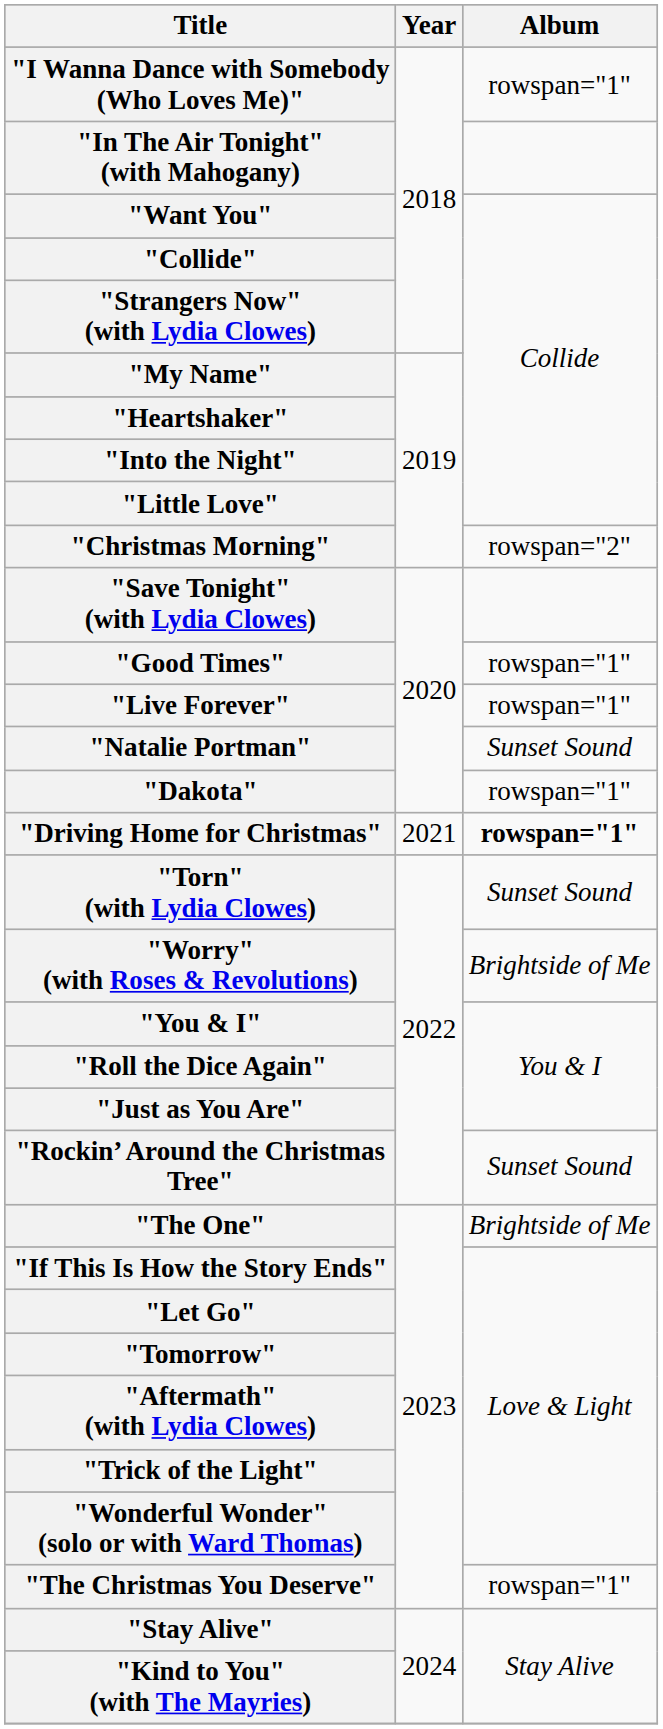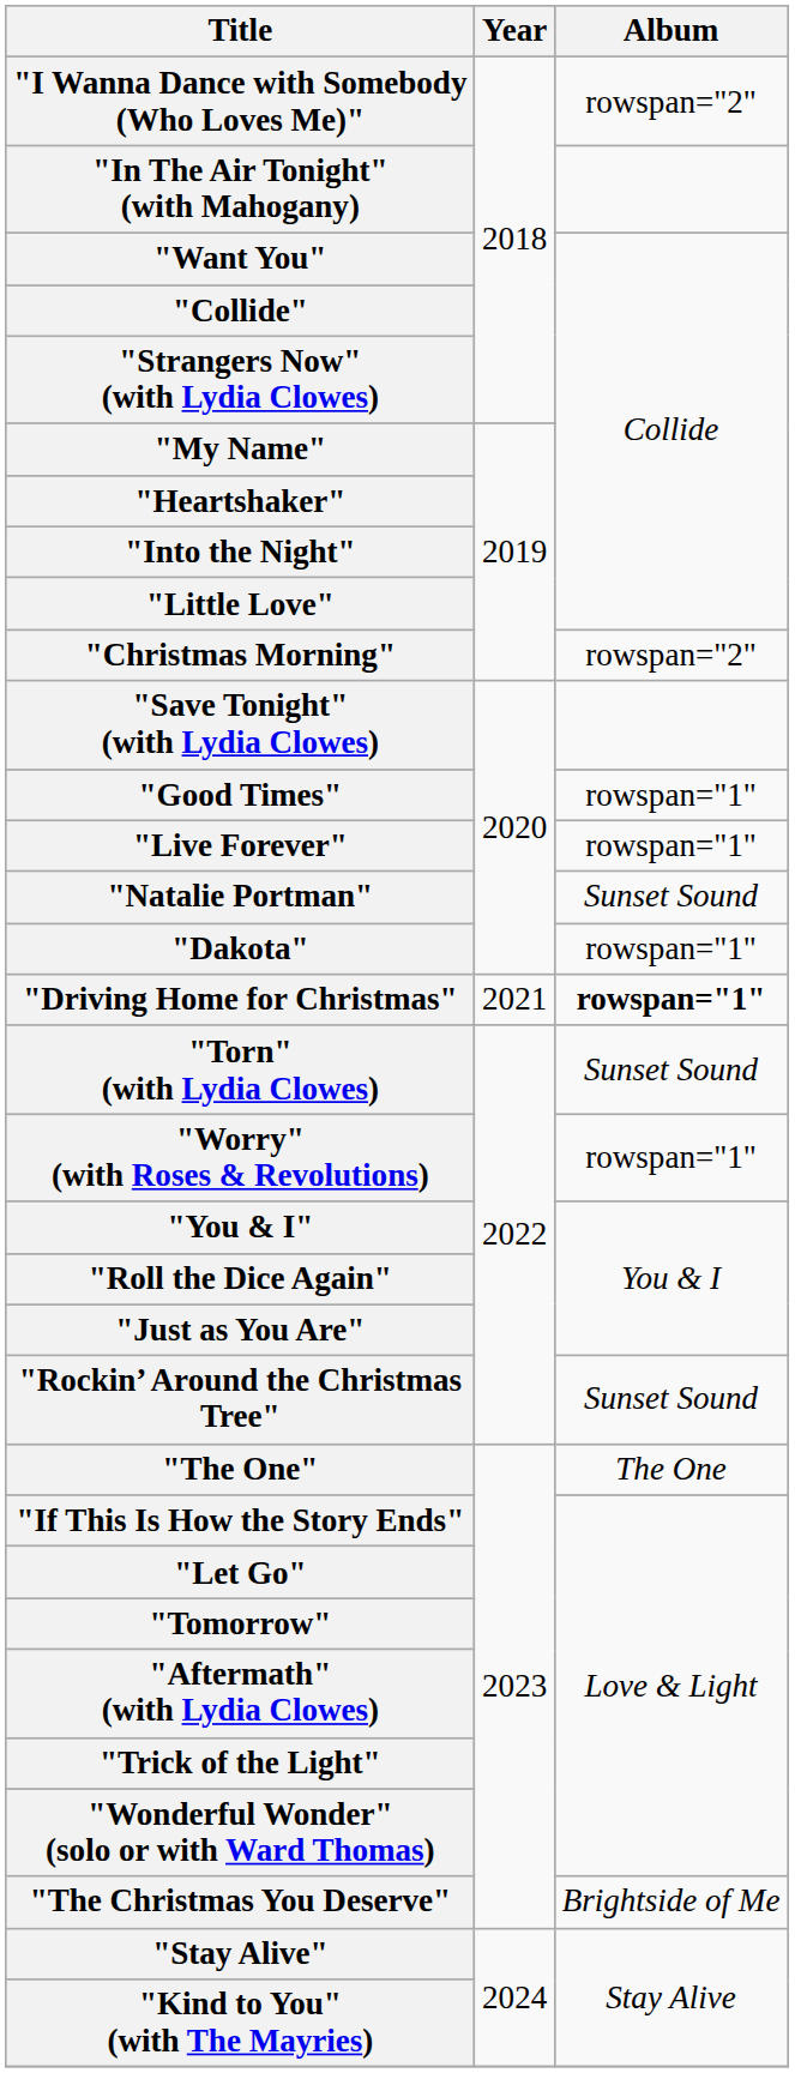 <table class="wikitable plainrowheaders" style="text-align:center;">
 <tr>
 <th scope="col" style="width:14em;">Title</th>
 <th scope="col" style="width:1em;">Year</th>
 <th scope="col">Album</th>
 </tr>
 <tr>
 <th scope="row">"I Wanna Dance with Somebody (Who Loves Me)"</th>
 <td rowspan="5">2018</td>
-<td>rowspan="1" </td>
+<td>rowspan="2" </td>
 </tr>
 <tr>
 <th scope="row">"In The Air Tonight"<br><span>(with Mahogany)</span></th>
 </tr>
 <tr>
 <th scope="row">"Want You"</th>
 <td rowspan="7"><em>Collide</em></td>
 </tr>
 <tr>
 <th scope="row">"Collide"</th>
 </tr>
 <tr>
 <th scope="row">"Strangers Now"<br><span>(with <a href='#'>Lydia Clowes</a>)</span></th>
 </tr>
 <tr>
 <th scope="row">"My Name"</th>
 <td rowspan="5">2019</td>
 </tr>
 <tr>
 <th scope="row">"Heartshaker"</th>
 </tr>
 <tr>
 <th scope="row">"Into the Night"</th>
 </tr>
 <tr>
 <th scope="row">"Little Love"</th>
 </tr>
 <tr>
 <th scope="row">"Christmas Morning"</th>
 <td>rowspan="2" </td>
 </tr>
 <tr>
 <th scope="row">"Save Tonight"<br><span>(with <a href='#'>Lydia Clowes</a>)</span></th>
 <td rowspan="5">2020</td>
 </tr>
 <tr>
 <th scope="row">"Good Times"</th>
 <td>rowspan="1" </td>
 </tr>
 <tr>
 <th scope="row">"Live Forever"</th>
 <td>rowspan="1" </td>
 </tr>
 <tr>
 <th scope="row">"Natalie Portman"</th>
 <td rowspan="1"><em>Sunset Sound</em></td>
 </tr>
 <tr>
 <th scope="row">"Dakota"</th>
 <td>rowspan="1" </td>
 </tr>
 <tr>
 <th scope="row">"Driving Home for Christmas"</th>
 <td rowspan="1">2021</td>
 <td><strong>rowspan="1" </strong></td>
 </tr>
 <tr>
 <th scope="row">"Torn"<br><span>(with <a href='#'>Lydia Clowes</a>)</span></th>
 <td rowspan="6">2022</td>
 <td rowspan="1"><em>Sunset Sound</em></td>
 </tr>
 <tr>
 <th scope="row">"Worry"<br><span>(with <a href='#'>Roses & Revolutions</a>)</span></th>
-<td rowspan="1"><em>Brightside of Me</em></td>
+<td>rowspan="1" </td>
 </tr>
 <tr>
 <th scope="row">"You & I"</th>
 <td rowspan="3"><em>You & I</em></td>
 </tr>
 <tr>
 <th scope="row">"Roll the Dice Again"</th>
 </tr>
 <tr>
 <th scope="row">"Just as You Are"</th>
 </tr>
 <tr>
 <th scope="row">"Rockin’ Around the Christmas Tree"</th>
 <td rowspan="1"><em>Sunset Sound</em></td>
 </tr>
 <tr>
 <th scope="row">"The One"</th>
 <td rowspan="8">2023</td>
-<td rowspan="1"><em>Brightside of Me</em></td>
+<td rowspan="1"><em>The One</em></td>
 </tr>
 <tr>
 <th scope="row">"If This Is How the Story Ends"</th>
 <td rowspan="6"><em>Love & Light</em></td>
 </tr>
 <tr>
 <th scope="row">"Let Go"</th>
 </tr>
 <tr>
 <th scope="row">"Tomorrow"</th>
 </tr>
 <tr>
 <th scope="row">"Aftermath"<br><span>(with <a href='#'>Lydia Clowes</a>)</span></th>
 </tr>
 <tr>
 <th scope="row">"Trick of the Light"</th>
 </tr>
 <tr>
 <th scope="row">"Wonderful Wonder"<br><span>(solo or with <a href='#'>Ward Thomas</a>)</span></th>
 </tr>
 <tr>
 <th scope="row">"The Christmas You Deserve"</th>
-<td>rowspan="1" </td>
+<td rowspan="1"><em>Brightside of Me</em></td>
 </tr>
 <tr>
 <th scope="row">"Stay Alive"</th>
 <td rowspan="2">2024</td>
 <td rowspan="2"><em>Stay Alive</em></td>
 </tr>
 <tr>
 <th scope="row">"Kind to You"<br><span>(with <a href='#'>The Mayries</a>)</span></th>
 </tr>
 <tr>
 </tr>
 </table>
